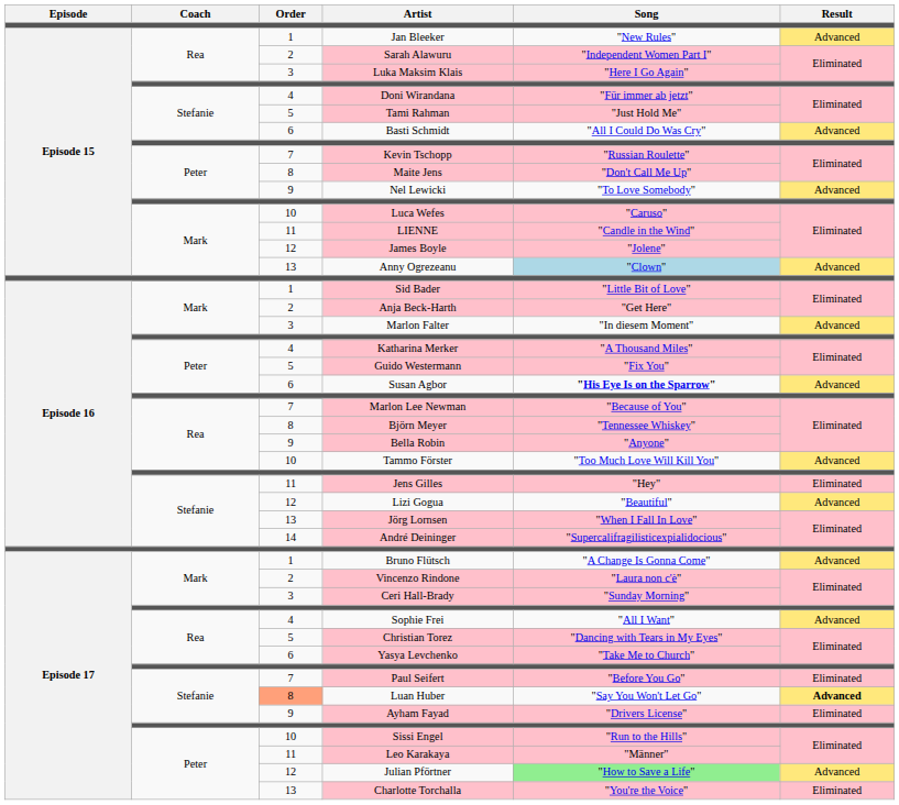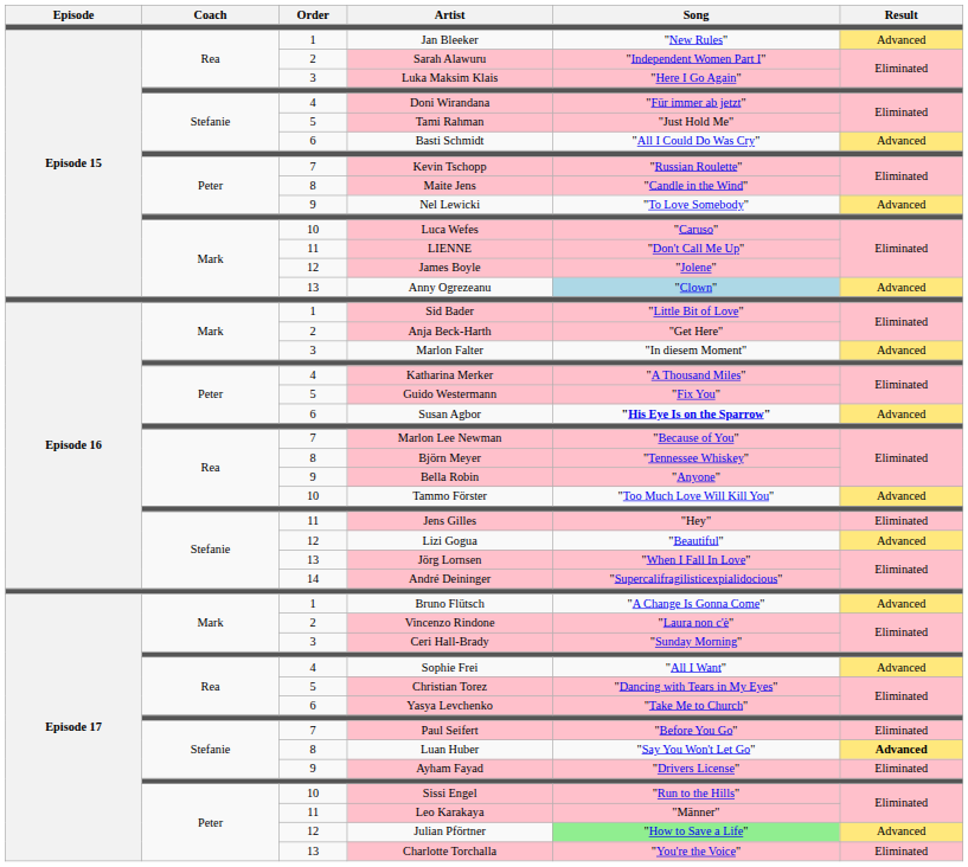 <table class="wikitable plainrowheaders" style="text-align: center; width:100%;">
 <tr>
 <th scope="col" style="width:10%;">Episode</th>
 <th style="width:10%;">Coach</th>
 <th style="width:05%;">Order</th>
 <th style="width:15%;">Artist</th>
 <th style="width:21%;">Song</th>
 <th style="width:09%;">Result</th>
 </tr>
 <tr>
 <td colspan="6" style="background:#555;"></td>
 </tr>
 <tr>
 <th rowspan="16">Episode 15<br></th>
 <td rowspan="3">Rea</td>
 <td>1</td>
 <td>Jan Bleeker</td>
 <td>"<a href='#'>New Rules</a>"</td>
 <td style="background: #FFE87C">Advanced</td>
 </tr>
 <tr>
 <td>2</td>
 <td style="background: pink">Sarah Alawuru</td>
 <td style="background: pink">"<a href='#'>Independent Women Part I</a>"</td>
 <td rowspan="2" style="background: pink">Eliminated</td>
 </tr>
 <tr>
 <td>3</td>
 <td style="background: pink">Luka Maksim Klais</td>
 <td style="background: pink">"<a href='#'>Here I Go Again</a>"</td>
 </tr>
 <tr>
 <td colspan="5" style="background:#555;"></td>
 </tr>
 <tr>
 <td rowspan="3">Stefanie</td>
 <td>4</td>
 <td style="background: pink">Doni Wirandana</td>
 <td style="background: pink">"<a href='#'>Für immer ab jetzt</a>"</td>
 <td rowspan="2" style="background: pink">Eliminated</td>
 </tr>
 <tr>
 <td>5</td>
 <td style="background: pink">Tami Rahman</td>
 <td style="background: pink">"Just Hold Me"</td>
 </tr>
 <tr>
 <td>6</td>
 <td>Basti Schmidt</td>
 <td>"<a href='#'>All I Could Do Was Cry</a>"</td>
 <td style="background: #FFE87C">Advanced</td>
 </tr>
 <tr>
 <td colspan="5" style="background:#555;"></td>
 </tr>
 <tr>
 <td rowspan="3">Peter</td>
 <td>7</td>
 <td style="background:pink">Kevin Tschopp</td>
 <td style="background:pink">"<a href='#'>Russian Roulette</a>"</td>
 <td rowspan="2" style="background:pink">Eliminated</td>
 </tr>
 <tr>
 <td>8</td>
 <td style="background:pink">Maite Jens</td>
-<td style="background:pink">"<a href='#'>Don't Call Me Up</a>"</td>
+<td style="background:pink">"<a href='#'>Candle in the Wind</a>"</td>
 </tr>
 <tr>
 <td>9</td>
 <td>Nel Lewicki</td>
 <td>"<a href='#'>To Love Somebody</a>"</td>
 <td style="background: #FFE87C">Advanced</td>
 </tr>
 <tr>
 <td colspan="5" style="background:#555;"></td>
 </tr>
 <tr>
 <td rowspan="4">Mark</td>
 <td>10</td>
 <td style="background:pink">Luca Wefes</td>
 <td style="background:pink">"<a href='#'>Caruso</a>"</td>
 <td rowspan="3" style="background:pink">Eliminated</td>
 </tr>
 <tr>
 <td>11</td>
 <td style="background:pink">LIENNE</td>
-<td style="background:pink">"<a href='#'>Candle in the Wind</a>"</td>
+<td style="background:pink">"<a href='#'>Don't Call Me Up</a>"</td>
 </tr>
 <tr>
 <td>12</td>
 <td style="background:pink">James Boyle</td>
 <td style="background:pink">"<a href='#'>Jolene</a>"</td>
 </tr>
 <tr>
 <td>13</td>
 <td>Anny Ogrezeanu</td>
 <td style="background: lightblue;">"<a href='#'>Clown</a>"</td>
 <td style="background: #FFE87C">Advanced</td>
 </tr>
 <tr>
 <td colspan="6" style="background:#555;"></td>
 </tr>
 <tr>
 <th rowspan="17">Episode 16<br></th>
 <td rowspan="3">Mark</td>
 <td>1</td>
 <td style="background: pink">Sid Bader</td>
 <td style="background: pink">"<a href='#'>Little Bit of Love</a>"</td>
 <td rowspan="2" style="background: pink">Eliminated</td>
 </tr>
 <tr>
 <td>2</td>
 <td style="background: pink">Anja Beck-Harth</td>
 <td style="background: pink">"Get Here"</td>
 </tr>
 <tr>
 <td>3</td>
 <td>Marlon Falter</td>
 <td>"In diesem Moment"</td>
 <td style="background: #FFE87C">Advanced</td>
 </tr>
 <tr>
 <td colspan="5" style="background:#555;"></td>
 </tr>
 <tr>
 <td rowspan="3">Peter</td>
 <td>4</td>
 <td style="background: pink">Katharina Merker</td>
 <td style="background: pink">"<a href='#'>A Thousand Miles</a>"</td>
 <td rowspan="2" style="background: pink">Eliminated</td>
 </tr>
 <tr>
 <td>5</td>
 <td style="background: pink">Guido Westermann</td>
 <td style="background: pink">"<a href='#'>Fix You</a>"</td>
 </tr>
 <tr>
 <td>6</td>
 <td>Susan Agbor</td>
 <td><strong>"<a href='#'>His Eye Is on the Sparrow</a>"</strong></td>
 <td style="background: #FFE87C">Advanced</td>
 </tr>
 <tr>
 <td colspan="5" style="background:#555;"></td>
 </tr>
 <tr>
 <td rowspan="4">Rea</td>
 <td>7</td>
 <td style="background: pink">Marlon Lee Newman</td>
 <td style="background: pink">"<a href='#'>Because of You</a>"</td>
 <td rowspan="3" style="background: pink">Eliminated</td>
 </tr>
 <tr>
 <td>8</td>
 <td style="background: pink">Björn Meyer</td>
 <td style="background: pink">"<a href='#'>Tennessee Whiskey</a>"</td>
 </tr>
 <tr>
 <td>9</td>
 <td style="background: pink">Bella Robin</td>
 <td style="background: pink">"<a href='#'>Anyone</a>"</td>
 </tr>
 <tr>
 <td>10</td>
 <td>Tammo Förster</td>
 <td>"<a href='#'>Too Much Love Will Kill You</a>"</td>
 <td style="background: #FFE87C">Advanced</td>
 </tr>
 <tr>
 <td colspan="5" style="background:#555;"></td>
 </tr>
 <tr>
 <td rowspan="4">Stefanie</td>
 <td>11</td>
 <td style="background: pink">Jens Gilles</td>
 <td style="background: pink">"Hey"</td>
 <td style="background: pink">Eliminated</td>
 </tr>
 <tr>
 <td>12</td>
 <td>Lizi Gogua</td>
 <td>"<a href='#'>Beautiful</a>"</td>
 <td style="background: #FFE87C">Advanced</td>
 </tr>
 <tr>
 <td>13</td>
 <td style="background: pink">Jörg Lornsen</td>
 <td style="background: pink">"<a href='#'>When I Fall In Love</a>"</td>
 <td rowspan="2" style="background: pink">Eliminated</td>
 </tr>
 <tr>
 <td>14</td>
 <td style="background: pink">André Deininger</td>
 <td style="background: pink">"<a href='#'>Supercalifragilisticexpialidocious</a>"</td>
 </tr>
 <tr>
 <td colspan="6" style="background:#555;"></td>
 </tr>
 <tr>
 <th rowspan="16">Episode 17<br></th>
 <td rowspan="3">Mark</td>
 <td>1</td>
 <td>Bruno Flütsch</td>
 <td>"<a href='#'>A Change Is Gonna Come</a>"</td>
 <td style="background: #FFE87C">Advanced</td>
 </tr>
 <tr>
 <td>2</td>
 <td style="background: pink">Vincenzo Rindone</td>
 <td style="background: pink">"<a href='#'>Laura non c'è</a>"</td>
 <td rowspan="2" style="background: pink">Eliminated</td>
 </tr>
 <tr>
 <td>3</td>
 <td style="background: pink">Ceri Hall-Brady</td>
 <td style="background: pink">"<a href='#'>Sunday Morning</a>"</td>
 </tr>
 <tr>
 <td colspan="5" style="background:#555;"></td>
 </tr>
 <tr>
 <td rowspan="3">Rea</td>
 <td>4</td>
 <td>Sophie Frei</td>
 <td>"<a href='#'>All I Want</a>"</td>
 <td style="background: #FFE87C">Advanced</td>
 </tr>
 <tr>
 <td>5</td>
 <td style="background: pink">Christian Torez</td>
 <td style="background: pink">"<a href='#'>Dancing with Tears in My Eyes</a>"</td>
 <td rowspan="2" style="background: pink">Eliminated</td>
 </tr>
 <tr>
 <td>6</td>
 <td style="background: pink">Yasya Levchenko</td>
 <td style="background: pink">"<a href='#'>Take Me to Church</a>"</td>
 </tr>
 <tr>
 <td colspan="5" style="background:#555;"></td>
 </tr>
 <tr>
 <td rowspan="3">Stefanie</td>
 <td>7</td>
 <td style="background: pink">Paul Seifert</td>
 <td style="background: pink">"<a href='#'>Before You Go</a>"</td>
 <td style="background: pink">Eliminated</td>
 </tr>
 <tr>
-<td style="background: lightsalmon;">8</td>
+<td>8</td>
 <td>Luan Huber</td>
 <td>"<a href='#'>Say You Won't Let Go</a>"</td>
 <td style="background: #FFE87C"><strong>Advanced</strong></td>
 </tr>
 <tr>
 <td>9</td>
 <td style="background: pink">Ayham Fayad</td>
 <td style="background: pink">"<a href='#'>Drivers License</a>"</td>
 <td style="background: pink">Eliminated</td>
 </tr>
 <tr>
 <td colspan="5" style="background:#555;"></td>
 </tr>
 <tr>
 <td rowspan="4">Peter</td>
 <td>10</td>
 <td style="background: pink">Sissi Engel</td>
 <td style="background: pink">"<a href='#'>Run to the Hills</a>"</td>
 <td rowspan="2" style="background: pink">Eliminated</td>
 </tr>
 <tr>
 <td>11</td>
 <td style="background: pink">Leo Karakaya</td>
 <td style="background: pink">"Männer"</td>
 </tr>
 <tr>
 <td>12</td>
 <td>Julian Pförtner</td>
 <td style="background: lightgreen;">"<a href='#'>How to Save a Life</a>"</td>
 <td style="background: #FFE87C">Advanced</td>
 </tr>
 <tr>
 <td>13</td>
 <td style="background: pink">Charlotte Torchalla</td>
 <td style="background: pink">"<a href='#'>You're the Voice</a>"</td>
 <td style="background: pink">Eliminated</td>
 </tr>
 </table>
